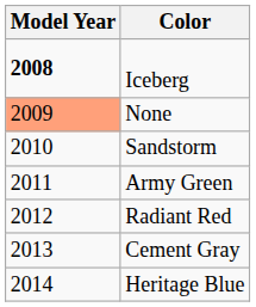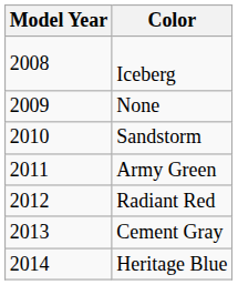 <table class="wikitable">
 <tr>
 <th>Model Year</th>
 <th>Color</th>
 </tr>
 <tr>
-<td><strong>2008</strong></td>
+<td>2008</td>
 <td><br>Iceberg</td>
 </tr>
 <tr>
-<td style="background: lightsalmon;">2009</td>
+<td>2009</td>
 <td>None</td>
 </tr>
 <tr>
 <td>2010</td>
 <td>Sandstorm</td>
 </tr>
 <tr>
 <td>2011</td>
 <td>Army Green</td>
 </tr>
 <tr>
 <td>2012</td>
 <td>Radiant Red</td>
 </tr>
 <tr>
 <td>2013</td>
 <td>Cement Gray</td>
 </tr>
 <tr>
 <td>2014</td>
 <td>Heritage Blue</td>
 </tr>
 </table>
